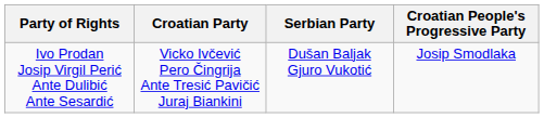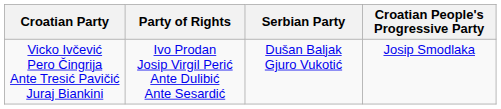 <table class="wikitable" style="text-align:center;">
 <tr>
+<th>Croatian Party</th>
 <th>Party of Rights</th>
-<th>Croatian Party</th>
 <th>Serbian Party</th>
 <th>Croatian People's Progressive Party</th>
 </tr>
 <tr style="vertical-align:top;">
+<td style="width:16em; "><a href='#'>Vicko Ivčević</a><br><a href='#'>Pero Čingrija</a><br><a href='#'>Ante Tresić Pavičić</a><br><a href='#'>Juraj Biankini</a></td>
 <td style="width:16em; "><a href='#'>Ivo Prodan</a><br><a href='#'>Josip Virgil Perić</a><br><a href='#'>Ante Dulibić</a><br><a href='#'>Ante Sesardić</a></td>
-<td style="width:16em; "><a href='#'>Vicko Ivčević</a><br><a href='#'>Pero Čingrija</a><br><a href='#'>Ante Tresić Pavičić</a><br><a href='#'>Juraj Biankini</a></td>
 <td style="width:16em; "><a href='#'>Dušan Baljak</a><br><a href='#'>Gjuro Vukotić</a></td>
 <td style="width:16em; "><a href='#'>Josip Smodlaka</a></td>
 </tr>
 </table>
